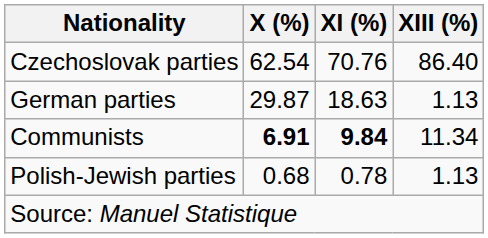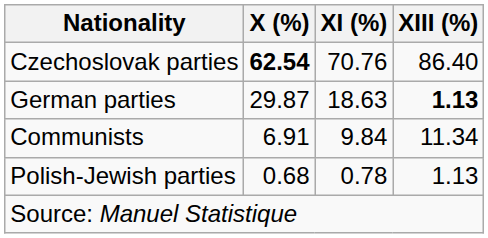 <table class=wikitable style=text-align:right>
 <tr>
 <th>Nationality</th>
 <th>X (%)</th>
 <th>XI (%)</th>
 <th>XIII (%)</th>
 </tr>
 <tr>
 <td align=left>Czechoslovak parties</td>
-<td>62.54</td>
+<td><strong>62.54</strong></td>
 <td>70.76</td>
 <td>86.40</td>
 </tr>
 <tr>
 <td align=left>German parties</td>
 <td>29.87</td>
 <td>18.63</td>
-<td>1.13</td>
+<td><strong>1.13</strong></td>
 </tr>
 <tr>
 <td align=left>Communists</td>
-<td><strong>6.91</strong></td>
-<td><strong>9.84</strong></td>
+<td>6.91</td>
+<td>9.84</td>
 <td>11.34</td>
 </tr>
 <tr>
 <td align=left>Polish-Jewish parties</td>
 <td>0.68</td>
 <td>0.78</td>
 <td>1.13</td>
 </tr>
 <tr>
 <td align=left colspan=4>Source: <em>Manuel Statistique</em></td>
 </tr>
 </table>
